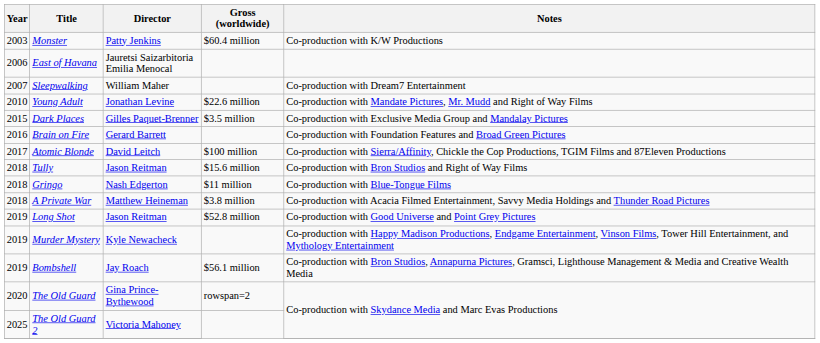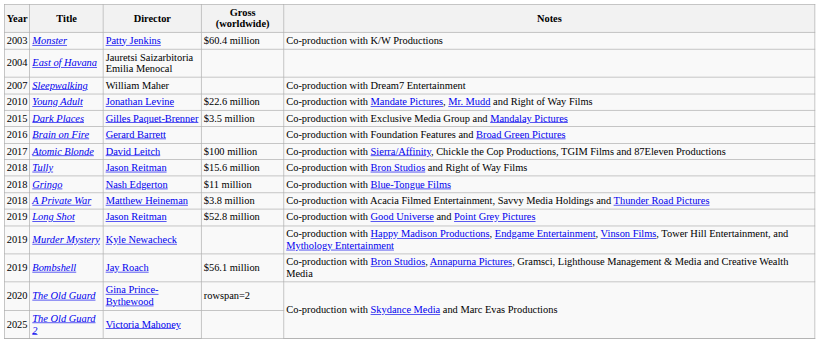 <table class="wikitable">
 <tr>
 <th>Year</th>
 <th>Title</th>
 <th>Director</th>
 <th>Gross (worldwide)</th>
 <th>Notes</th>
 </tr>
 <tr>
 <td>2003</td>
 <td><em><a href='#'>Monster</a></em></td>
 <td><a href='#'>Patty Jenkins</a></td>
 <td>$60.4 million</td>
 <td>Co-production with K/W Productions</td>
 </tr>
 <tr>
-<td>2006</td>
+<td>2004</td>
 <td><em><a href='#'>East of Havana</a></em></td>
 <td>Jauretsi Saizarbitoria<br>Emilia Menocal</td>
 <td></td>
 <td></td>
 </tr>
 <tr>
 <td>2007</td>
 <td><em><a href='#'>Sleepwalking</a></em></td>
 <td>William Maher</td>
 <td></td>
 <td>Co-production with Dream7 Entertainment</td>
 </tr>
 <tr>
 <td>2010</td>
 <td><em><a href='#'>Young Adult</a></em></td>
 <td><a href='#'>Jonathan Levine</a></td>
 <td>$22.6 million</td>
 <td>Co-production with <a href='#'>Mandate Pictures</a>, <a href='#'>Mr. Mudd</a> and Right of Way Films</td>
 </tr>
 <tr>
 <td>2015</td>
 <td><em><a href='#'>Dark Places</a></em></td>
 <td><a href='#'>Gilles Paquet-Brenner</a></td>
 <td>$3.5 million</td>
 <td>Co-production with Exclusive Media Group and <a href='#'>Mandalay Pictures</a></td>
 </tr>
 <tr>
 <td>2016</td>
 <td><em><a href='#'>Brain on Fire</a></em></td>
 <td><a href='#'>Gerard Barrett</a></td>
 <td></td>
 <td>Co-production with Foundation Features and <a href='#'>Broad Green Pictures</a></td>
 </tr>
 <tr>
 <td>2017</td>
 <td><em><a href='#'>Atomic Blonde</a></em></td>
 <td><a href='#'>David Leitch</a></td>
 <td>$100 million</td>
 <td>Co-production with <a href='#'>Sierra/Affinity</a>, Chickle the Cop Productions, TGIM Films and 87Eleven Productions</td>
 </tr>
 <tr>
 <td>2018</td>
 <td><em><a href='#'>Tully</a></em></td>
 <td><a href='#'>Jason Reitman</a></td>
 <td>$15.6 million</td>
 <td>Co-production with <a href='#'>Bron Studios</a> and Right of Way Films</td>
 </tr>
 <tr>
 <td>2018</td>
 <td><em><a href='#'>Gringo</a></em></td>
 <td><a href='#'>Nash Edgerton</a></td>
 <td>$11 million</td>
 <td>Co-production with <a href='#'>Blue-Tongue Films</a></td>
 </tr>
 <tr>
 <td>2018</td>
 <td><em><a href='#'>A Private War</a></em></td>
 <td><a href='#'>Matthew Heineman</a></td>
 <td>$3.8 million</td>
 <td>Co-production with Acacia Filmed Entertainment, Savvy Media Holdings and <a href='#'>Thunder Road Pictures</a></td>
 </tr>
 <tr>
 <td>2019</td>
 <td><em><a href='#'>Long Shot</a></em></td>
 <td><a href='#'>Jason Reitman</a></td>
 <td>$52.8 million</td>
 <td>Co-production with <a href='#'>Good Universe</a> and <a href='#'>Point Grey Pictures</a></td>
 </tr>
 <tr>
 <td>2019</td>
 <td><em><a href='#'>Murder Mystery</a></em></td>
 <td><a href='#'>Kyle Newacheck</a></td>
 <td></td>
 <td>Co-production with <a href='#'>Happy Madison Productions</a>, <a href='#'>Endgame Entertainment</a>, <a href='#'>Vinson Films</a>, Tower Hill Entertainment, and <a href='#'>Mythology Entertainment</a></td>
 </tr>
 <tr>
 <td>2019</td>
 <td><em><a href='#'>Bombshell</a></em></td>
 <td><a href='#'>Jay Roach</a></td>
 <td>$56.1 million</td>
 <td>Co-production with <a href='#'>Bron Studios</a>, <a href='#'>Annapurna Pictures</a>, Gramsci, Lighthouse Management & Media and Creative Wealth Media</td>
 </tr>
 <tr>
 <td>2020</td>
 <td><em><a href='#'>The Old Guard</a></em></td>
 <td><a href='#'>Gina Prince-Bythewood</a></td>
 <td>rowspan=2 </td>
 <td rowspan=2>Co-production with <a href='#'>Skydance Media</a> and Marc Evas Productions</td>
 </tr>
 <tr>
 <td>2025</td>
 <td><em><a href='#'>The Old Guard 2</a></em></td>
 <td><a href='#'>Victoria Mahoney</a></td>
 </tr>
 <tr>
 </tr>
 </table>
